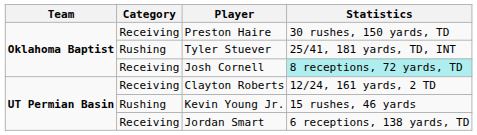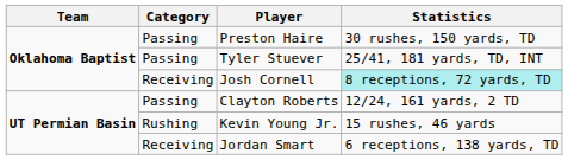 <table class="wikitable" style="float: right;">
 <tr>
 <th>Team</th>
 <th>Category</th>
 <th>Player</th>
 <th>Statistics</th>
 </tr>
 <tr>
 <td rowspan=3><strong>Oklahoma Baptist</strong></td>
-<td>Receiving</td>
+<td>Passing</td>
 <td>Preston Haire</td>
 <td>30 rushes, 150 yards, TD</td>
 </tr>
 <tr>
-<td>Rushing</td>
+<td>Passing</td>
 <td>Tyler Stuever</td>
 <td>25/41, 181 yards, TD, INT</td>
 </tr>
 <tr>
 <td>Receiving</td>
 <td>Josh Cornell</td>
 <td style="background: paleturquoise;">8 receptions, 72 yards, TD</td>
 </tr>
 <tr>
 <td rowspan=3><strong>UT Permian Basin</strong></td>
-<td>Receiving</td>
+<td>Passing</td>
 <td>Clayton Roberts</td>
 <td>12/24, 161 yards, 2 TD</td>
 </tr>
 <tr>
 <td>Rushing</td>
 <td>Kevin Young Jr.</td>
 <td>15 rushes, 46 yards</td>
 </tr>
 <tr>
 <td>Receiving</td>
 <td>Jordan Smart</td>
 <td>6 receptions, 138 yards, TD</td>
 </tr>
 </table>
